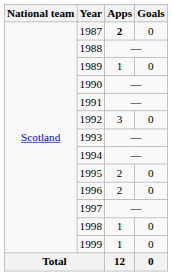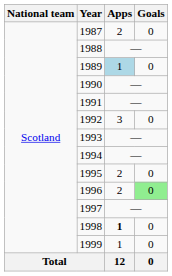 <table class="wikitable" style="text-align:center">
 <tr>
 <th>National team</th>
 <th>Year</th>
 <th>Apps</th>
 <th>Goals</th>
 </tr>
 <tr>
 <td rowspan="13"><a href='#'>Scotland</a></td>
 <td>1987</td>
-<td><strong>2</strong></td>
+<td>2</td>
 <td>0</td>
 </tr>
 <tr>
 <td>1988</td>
 <td colspan="2">—</td>
 </tr>
 <tr>
 <td>1989</td>
-<td>1</td>
+<td style="background: lightblue;">1</td>
 <td>0</td>
 </tr>
 <tr>
 <td>1990</td>
 <td colspan="2">—</td>
 </tr>
 <tr>
 <td>1991</td>
 <td colspan="2">—</td>
 </tr>
 <tr>
 <td>1992</td>
 <td>3</td>
 <td>0</td>
 </tr>
 <tr>
 <td>1993</td>
 <td colspan="2">—</td>
 </tr>
 <tr>
 <td>1994</td>
 <td colspan="2">—</td>
 </tr>
 <tr>
 <td>1995</td>
 <td>2</td>
 <td>0</td>
 </tr>
 <tr>
 <td>1996</td>
 <td>2</td>
-<td>0</td>
+<td style="background: lightgreen;">0</td>
 </tr>
 <tr>
 <td>1997</td>
 <td colspan="2">—</td>
 </tr>
 <tr>
 <td>1998</td>
-<td>1</td>
+<td><strong>1</strong></td>
 <td>0</td>
 </tr>
 <tr>
 <td>1999</td>
 <td>1</td>
 <td>0</td>
 </tr>
 <tr>
 <th colspan="2">Total</th>
 <th>12</th>
 <th>0</th>
 </tr>
 </table>
